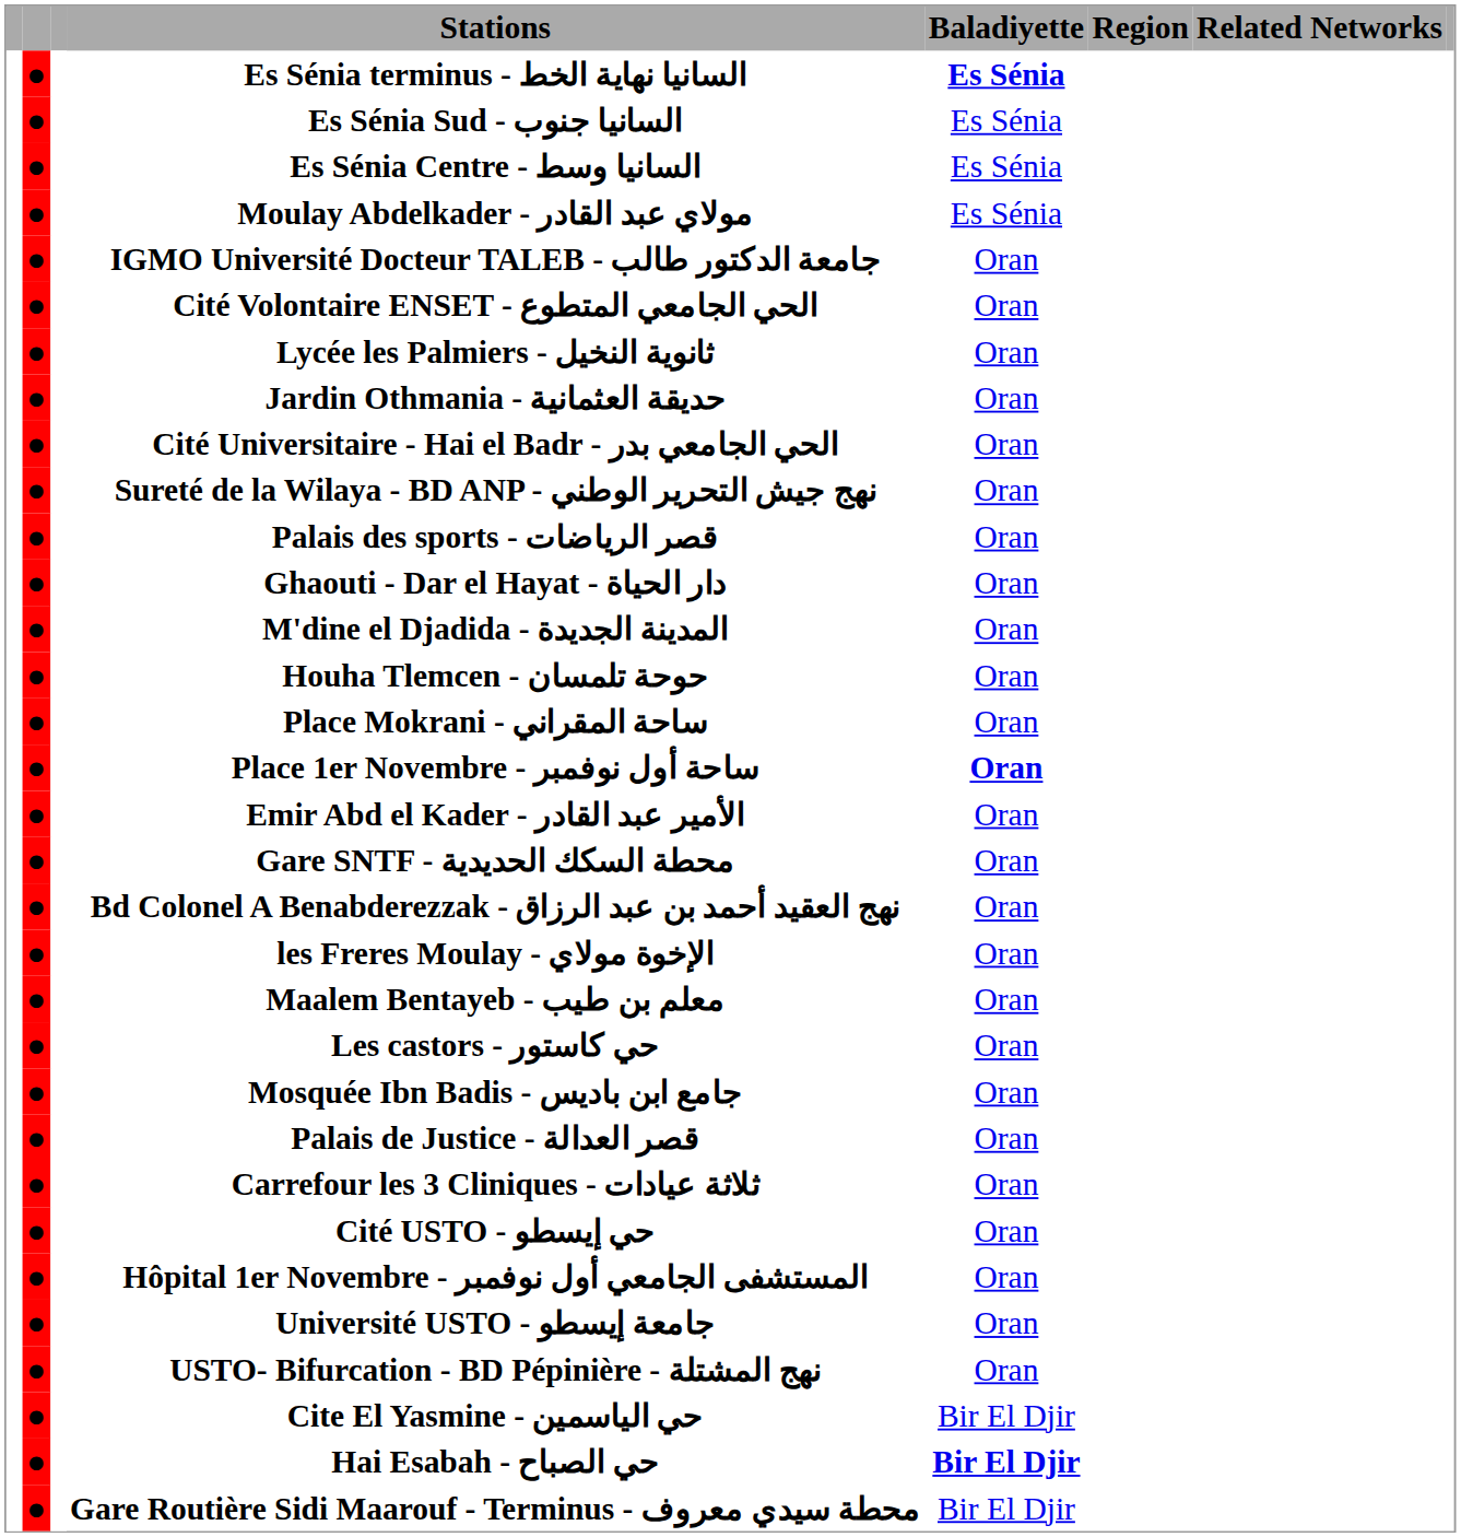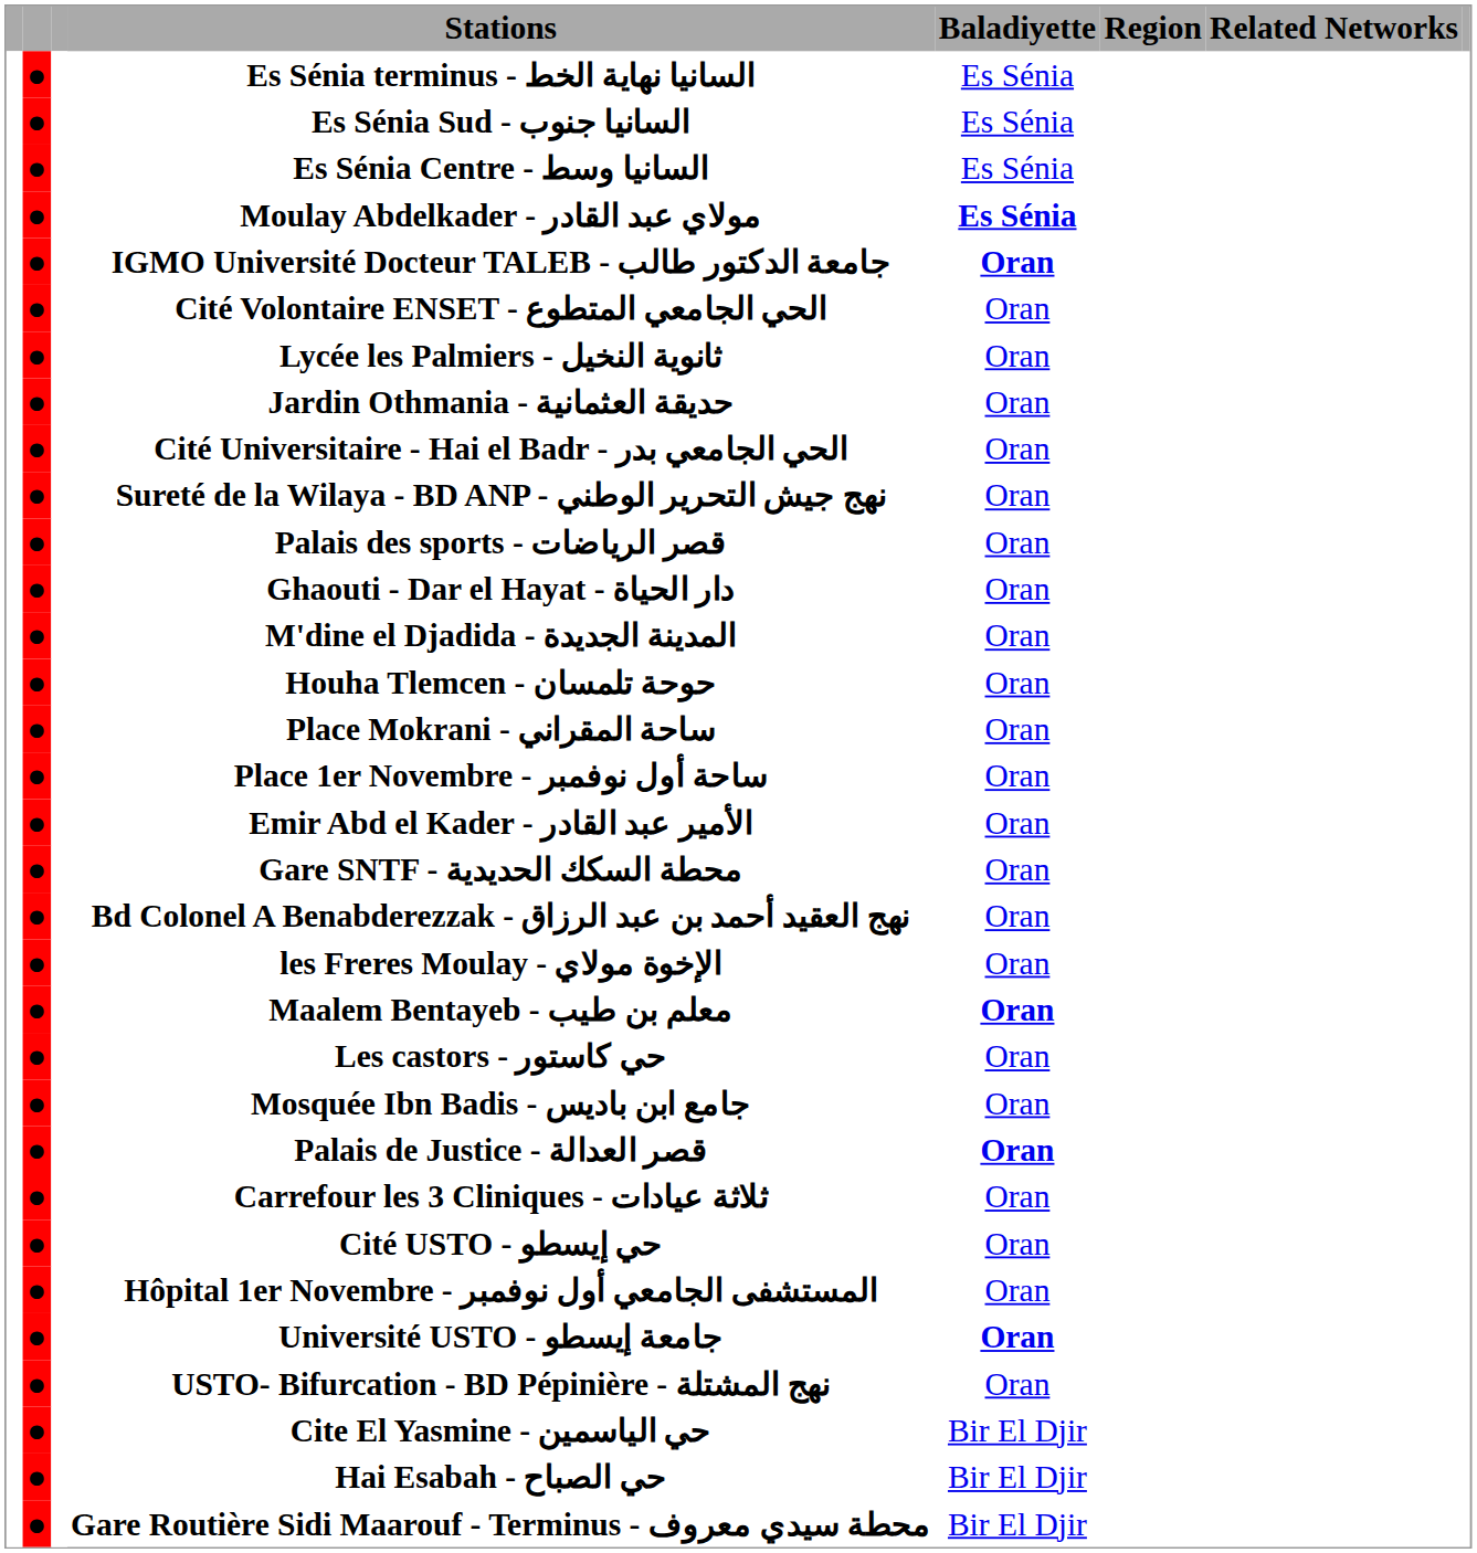 <table cellspacing=0 cellpadding=2 border="0" style="border: 1px solid #999; background-color:white; text-align:center;">
 <tr bgcolor="#AAAAAA">
 <th> </th>
 <th> </th>
 <th> </th>
 <th>Stations</th>
 <th>Baladiyette</th>
 <th>Region</th>
 <th>Related Networks</th>
 <th></th>
 </tr>
 <tr>
 <td bgcolor="#ffffff"> </td>
 <td bgcolor=red><span>●</span></td>
 <td bgcolor="#ffffff"> </td>
 <td align=center><strong> Es Sénia terminus - السانيا نهاية الخط</strong></td>
-<td><strong><a href='#'>Es Sénia</a></strong></td>
+<td><a href='#'>Es Sénia</a></td>
 <td align=left></td>
 </tr>
 <tr>
 <td bgcolor="#ffffff"> </td>
 <td bgcolor=red><span>●</span></td>
 <td bgcolor="#ffffff"> </td>
 <td align=center><strong> Es Sénia Sud - السانيا جنوب</strong></td>
 <td><a href='#'>Es Sénia</a></td>
 <td align=left></td>
 </tr>
 <tr>
 <td bgcolor="#ffffff"> </td>
 <td bgcolor=red><span>●</span></td>
 <td bgcolor="#ffffff"> </td>
 <td align=center><strong> Es Sénia Centre - السانيا وسط</strong></td>
 <td><a href='#'>Es Sénia</a></td>
 <td align=left></td>
 </tr>
 <tr>
 <td bgcolor="#ffffff"> </td>
 <td bgcolor=red><span>●</span></td>
 <td bgcolor="#ffffff"> </td>
 <td align=center><strong> Moulay Abdelkader - مولاي عبد القادر</strong></td>
-<td><a href='#'>Es Sénia</a></td>
+<td><strong><a href='#'>Es Sénia</a></strong></td>
 <td align=left></td>
 </tr>
 <tr>
 <td bgcolor="#ffffff"> </td>
 <td bgcolor=red><span>●</span></td>
 <td bgcolor="#ffffff"> </td>
 <td align=center><strong> IGMO Université Docteur TALEB - جامعة الدكتور طالب</strong></td>
-<td><a href='#'>Oran</a></td>
+<td><strong><a href='#'>Oran</a></strong></td>
 <td></td>
 </tr>
 <tr>
 <td bgcolor="#ffffff"> </td>
 <td bgcolor=red><span>●</span></td>
 <td bgcolor="#ffffff"> </td>
 <td align=center><strong>Cité Volontaire ENSET - الحي الجامعي المتطوع</strong></td>
 <td><a href='#'>Oran</a></td>
 <td></td>
 </tr>
 <tr>
 <td bgcolor="#ffffff"> </td>
 <td bgcolor=red><span>●</span></td>
 <td bgcolor="#ffffff"> </td>
 <td align=center><strong>Lycée les Palmiers - ثانوية النخيل</strong></td>
 <td><a href='#'>Oran</a></td>
 <td></td>
 </tr>
 <tr>
 <td bgcolor="#ffffff"> </td>
 <td bgcolor=red><span>●</span></td>
 <td bgcolor="#ffffff"> </td>
 <td align=center><strong>Jardin Othmania - حديقة العثمانية</strong></td>
 <td><a href='#'>Oran</a></td>
 <td></td>
 </tr>
 <tr>
 <td bgcolor="#ffffff"> </td>
 <td bgcolor=red><span>●</span></td>
 <td bgcolor="#ffffff"> </td>
 <td align=center><strong>Cité Universitaire - Hai el Badr - الحي الجامعي بدر</strong></td>
 <td><a href='#'>Oran</a></td>
 <td></td>
 </tr>
 <tr>
 <td bgcolor="#ffffff"> </td>
 <td bgcolor=red><span>●</span></td>
 <td bgcolor="#ffffff"> </td>
 <td align=center><strong>Sureté de la Wilaya - BD ANP - نهج جيش التحرير الوطني</strong></td>
 <td><a href='#'>Oran</a></td>
 <td></td>
 </tr>
 <tr>
 <td bgcolor="#ffffff"> </td>
 <td bgcolor=red><span>●</span></td>
 <td bgcolor="#ffffff"> </td>
 <td align=center><strong>Palais des sports - قصر الرياضات</strong></td>
 <td><a href='#'>Oran</a></td>
 <td></td>
 </tr>
 <tr>
 <td bgcolor="#ffffff"> </td>
 <td bgcolor=red><span>●</span></td>
 <td bgcolor="#ffffff"> </td>
 <td align=center><strong>Ghaouti - Dar el Hayat - دار الحياة</strong></td>
 <td><a href='#'>Oran</a></td>
 <td></td>
 </tr>
 <tr>
 <td bgcolor="#ffffff"> </td>
 <td bgcolor=red><span>●</span></td>
 <td bgcolor="#ffffff"> </td>
 <td align=center><strong>M'dine el Djadida - المدينة الجديدة</strong></td>
 <td><a href='#'>Oran</a></td>
 <td></td>
 </tr>
 <tr>
 <td bgcolor="#ffffff"> </td>
 <td bgcolor=red><span>●</span></td>
 <td bgcolor="#ffffff"> </td>
 <td align=center><strong>Houha Tlemcen - حوحة تلمسان</strong></td>
 <td><a href='#'>Oran</a></td>
 <td></td>
 </tr>
 <tr>
 <td bgcolor="#ffffff"> </td>
 <td bgcolor=red><span>●</span></td>
 <td bgcolor="#ffffff"> </td>
 <td align=center><strong>Place Mokrani - ساحة المقراني</strong></td>
 <td><a href='#'>Oran</a></td>
 <td></td>
 </tr>
 <tr>
 <td bgcolor="#ffffff"> </td>
 <td bgcolor=red><span>●</span></td>
 <td bgcolor="#ffffff"> </td>
 <td align=center><strong>Place 1er Novembre - ساحة أول نوفمبر</strong></td>
-<td><strong><a href='#'>Oran</a></strong></td>
+<td><a href='#'>Oran</a></td>
 <td></td>
 </tr>
 <tr>
 <td bgcolor="#ffffff"> </td>
 <td bgcolor=red><span>●</span></td>
 <td bgcolor="#ffffff"> </td>
 <td align=center><strong>Emir Abd el Kader - الأمير عبد القادر</strong></td>
 <td><a href='#'>Oran</a></td>
 <td></td>
 </tr>
 <tr>
 <td bgcolor="#ffffff"> </td>
 <td bgcolor=red><span>●</span></td>
 <td bgcolor="#ffffff"> </td>
 <td align=center><strong>Gare SNTF - محطة السكك الحديدية</strong></td>
 <td><a href='#'>Oran</a></td>
 <td></td>
 </tr>
 <tr>
 <td bgcolor="#ffffff"> </td>
 <td bgcolor=red><span>●</span></td>
 <td bgcolor="#ffffff"> </td>
 <td align=center><strong>Bd Colonel A Benabderezzak - نهج العقيد أحمد بن عبد الرزاق</strong></td>
 <td><a href='#'>Oran</a></td>
 <td></td>
 </tr>
 <tr>
 <td bgcolor="#ffffff"> </td>
 <td bgcolor=red><span>●</span></td>
 <td bgcolor="#ffffff"> </td>
 <td align=center><strong>les Freres Moulay - الإخوة مولاي</strong></td>
 <td><a href='#'>Oran</a></td>
 <td></td>
 </tr>
 <tr>
 <td bgcolor="#ffffff"> </td>
 <td bgcolor=red><span>●</span></td>
 <td bgcolor="#ffffff"> </td>
 <td align=center><strong>Maalem Bentayeb - معلم بن طيب</strong></td>
-<td><a href='#'>Oran</a></td>
+<td><strong><a href='#'>Oran</a></strong></td>
 <td></td>
 </tr>
 <tr>
 <td bgcolor="#ffffff"> </td>
 <td bgcolor=red><span>●</span></td>
 <td bgcolor="#ffffff"> </td>
 <td align=center><strong>Les castors - حي كاستور</strong></td>
 <td><a href='#'>Oran</a></td>
 <td></td>
 </tr>
 <tr>
 <td bgcolor="#ffffff"> </td>
 <td bgcolor=red><span>●</span></td>
 <td bgcolor="#ffffff"> </td>
 <td align=center><strong>Mosquée Ibn Badis - جامع ابن باديس</strong></td>
 <td><a href='#'>Oran</a></td>
 <td></td>
 </tr>
 <tr>
 <td bgcolor="#ffffff"> </td>
 <td bgcolor=red><span>●</span></td>
 <td bgcolor="#ffffff"> </td>
 <td align=center><strong>Palais de Justice - قصر العدالة</strong></td>
-<td><a href='#'>Oran</a></td>
+<td><strong><a href='#'>Oran</a></strong></td>
 <td></td>
 </tr>
 <tr>
 <td bgcolor="#ffffff"> </td>
 <td bgcolor=red><span>●</span></td>
 <td bgcolor="#ffffff"> </td>
 <td align=center><strong>Carrefour les 3 Cliniques - ثلاثة عيادات</strong></td>
 <td><a href='#'>Oran</a></td>
 <td></td>
 </tr>
 <tr>
 <td bgcolor="#ffffff"> </td>
 <td bgcolor=red><span>●</span></td>
 <td bgcolor="#ffffff"> </td>
 <td align=center><strong>Cité USTO - حي إيسطو</strong></td>
 <td><a href='#'>Oran</a></td>
 <td></td>
 </tr>
 <tr>
 <td bgcolor="#ffffff"> </td>
 <td bgcolor=red><span>●</span></td>
 <td bgcolor="#ffffff"> </td>
 <td align=center><strong>Hôpital 1er Novembre - المستشفى الجامعي أول نوفمبر</strong></td>
 <td><a href='#'>Oran</a></td>
 <td></td>
 </tr>
 <tr>
 <td bgcolor="#ffffff"> </td>
 <td bgcolor=red><span>●</span></td>
 <td bgcolor="#ffffff"> </td>
 <td align=center><strong>Université USTO - جامعة إيسطو</strong></td>
-<td><a href='#'>Oran</a></td>
+<td><strong><a href='#'>Oran</a></strong></td>
 <td></td>
 </tr>
 <tr>
 <td bgcolor="#ffffff"> </td>
 <td bgcolor=red><span>●</span></td>
 <td bgcolor="#ffffff"> </td>
 <td align=center><strong>USTO- Bifurcation - BD Pépinière - نهج المشتلة</strong></td>
 <td><a href='#'>Oran</a></td>
 <td></td>
 </tr>
 <tr>
 <td bgcolor="#ffffff"> </td>
 <td bgcolor=red><span>●</span></td>
 <td bgcolor="#ffffff"> </td>
 <td align=center><strong>Cite El Yasmine	- حي الياسمين</strong></td>
 <td><a href='#'>Bir El Djir</a></td>
 <td></td>
 </tr>
 <tr>
 <td bgcolor="#ffffff"> </td>
 <td bgcolor=red><span>●</span></td>
 <td bgcolor="#ffffff"> </td>
 <td align=center><strong>Hai Esabah - حي الصباح</strong></td>
-<td><strong><a href='#'>Bir El Djir</a></strong></td>
+<td><a href='#'>Bir El Djir</a></td>
 <td></td>
 </tr>
 <tr>
 <td bgcolor="#ffffff"> </td>
 <td bgcolor=red><span>●</span></td>
 <td bgcolor="#ffffff"> </td>
 <td align=center><strong>Gare Routière Sidi Maarouf - Terminus - محطة سيدي معروف</strong></td>
 <td><a href='#'>Bir El Djir</a></td>
 <td></td>
 </tr>
 </table>
